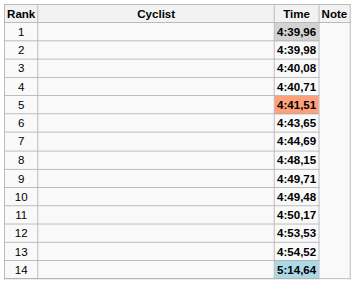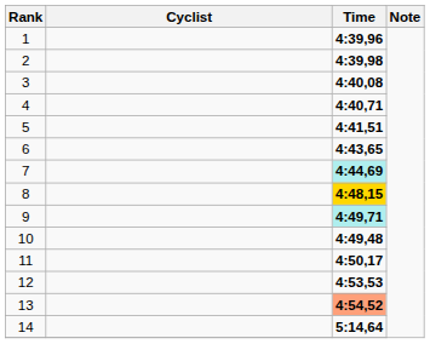 <table class="wikitable" style="font-size:95%;">
 <tr>
 <th>Rank</th>
 <th align="left" style="width: 20em">Cyclist</th>
 <th>Time</th>
 <th>Note</th>
 </tr>
 <tr>
 <td align="center">1</td>
 <td></td>
-<td align="center" style="background: lightgrey;"><strong>4:39,96</strong></td>
+<td align="center"><strong>4:39,96</strong></td>
 </tr>
 <tr>
 <td align="center">2</td>
 <td></td>
 <td align="center"><strong>4:39,98</strong></td>
 </tr>
 <tr>
 <td align="center">3</td>
 <td></td>
 <td align="center"><strong>4:40,08</strong></td>
 </tr>
 <tr>
 <td align="center">4</td>
 <td></td>
 <td align="center"><strong>4:40,71</strong></td>
 </tr>
 <tr>
 <td align="center">5</td>
 <td></td>
-<td align="center" style="background: lightsalmon;"><strong>4:41,51</strong></td>
+<td align="center"><strong>4:41,51</strong></td>
 </tr>
 <tr>
 <td align="center">6</td>
 <td></td>
 <td align="center"><strong>4:43,65</strong></td>
 </tr>
 <tr>
 <td align="center">7</td>
 <td></td>
-<td align="center"><strong>4:44,69</strong></td>
+<td align="center" style="background: paleturquoise;"><strong>4:44,69</strong></td>
 </tr>
 <tr>
 <td align="center">8</td>
 <td></td>
-<td align="center"><strong>4:48,15</strong></td>
+<td align="center" style="background: gold;"><strong>4:48,15</strong></td>
 </tr>
 <tr>
 <td align="center">9</td>
 <td></td>
-<td align="center"><strong>4:49,71</strong></td>
+<td align="center" style="background: paleturquoise;"><strong>4:49,71</strong></td>
 </tr>
 <tr>
 <td align="center">10</td>
 <td></td>
 <td align="center"><strong>4:49,48</strong></td>
 </tr>
 <tr>
 <td align="center">11</td>
 <td></td>
 <td align="center"><strong>4:50,17</strong></td>
 </tr>
 <tr>
 <td align="center">12</td>
 <td></td>
 <td align="center"><strong>4:53,53</strong></td>
 </tr>
 <tr>
 <td align="center">13</td>
 <td></td>
-<td align="center"><strong>4:54,52</strong></td>
+<td align="center" style="background: lightsalmon;"><strong>4:54,52</strong></td>
 </tr>
 <tr>
 <td align="center">14</td>
 <td></td>
-<td align="center" style="background: lightblue;"><strong>5:14,64</strong></td>
+<td align="center"><strong>5:14,64</strong></td>
 </tr>
 <tr>
 </tr>
 </table>
